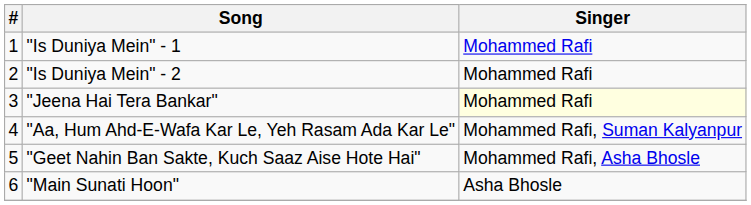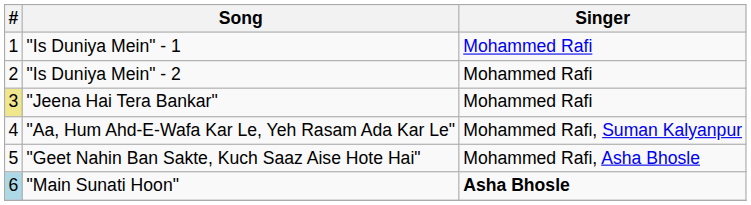 <table class="wikitable">
 <tr>
 <th>#</th>
 <th>Song</th>
 <th>Singer</th>
 </tr>
 <tr>
 <td>1</td>
 <td>"Is Duniya Mein" - 1</td>
 <td><a href='#'>Mohammed Rafi</a></td>
 </tr>
 <tr>
 <td>2</td>
 <td>"Is Duniya Mein" - 2</td>
 <td>Mohammed Rafi</td>
 </tr>
 <tr>
-<td>3</td>
+<td style="background: khaki;">3</td>
 <td>"Jeena Hai Tera Bankar"</td>
-<td style="background: lightyellow;">Mohammed Rafi</td>
+<td>Mohammed Rafi</td>
 </tr>
 <tr>
 <td>4</td>
 <td>"Aa, Hum Ahd-E-Wafa Kar Le, Yeh Rasam Ada Kar Le"</td>
 <td>Mohammed Rafi, <a href='#'>Suman Kalyanpur</a></td>
 </tr>
 <tr>
 <td>5</td>
 <td>"Geet Nahin Ban Sakte, Kuch Saaz Aise Hote Hai"</td>
 <td>Mohammed Rafi, <a href='#'>Asha Bhosle</a></td>
 </tr>
 <tr>
-<td>6</td>
+<td style="background: lightblue;">6</td>
 <td>"Main Sunati Hoon"</td>
-<td>Asha Bhosle</td>
+<td><strong>Asha Bhosle</strong></td>
 </tr>
 <tr>
 </tr>
 </table>
